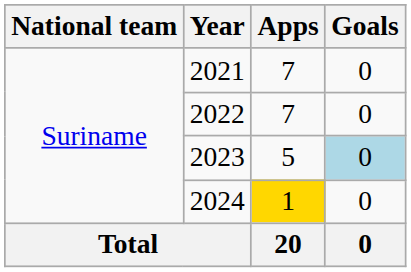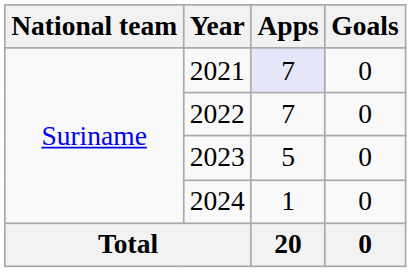 <table class="wikitable" style="text-align:center">
 <tr>
 <th>National team</th>
 <th>Year</th>
 <th>Apps</th>
 <th>Goals</th>
 </tr>
 <tr>
 <td rowspan="4"><a href='#'>Suriname</a></td>
 <td>2021</td>
-<td>7</td>
+<td style="background: lavender;">7</td>
 <td>0</td>
 </tr>
 <tr>
 <td>2022</td>
 <td>7</td>
 <td>0</td>
 </tr>
 <tr>
 <td>2023</td>
 <td>5</td>
-<td style="background: lightblue;">0</td>
+<td>0</td>
 </tr>
 <tr>
 <td>2024</td>
-<td style="background: gold;">1</td>
+<td>1</td>
 <td>0</td>
 </tr>
 <tr>
 <th colspan=2>Total</th>
 <th>20</th>
 <th>0</th>
 </tr>
 </table>
